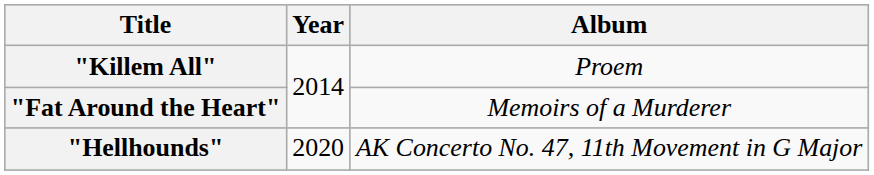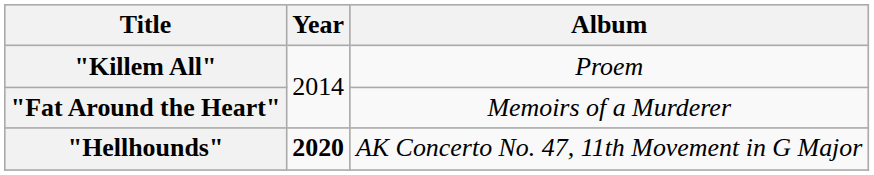 <table class="wikitable plainrowheaders" style="text-align:center;">
 <tr>
 <th scope="col">Title</th>
 <th scope="col">Year</th>
 <th scope="col">Album</th>
 </tr>
 <tr>
 <th scope="row">"Killem All"</th>
 <td rowspan=2>2014</td>
 <td><em>Proem</em></td>
 </tr>
 <tr>
 <th scope="row">"Fat Around the Heart"</th>
 <td><em>Memoirs of a Murderer</em></td>
 </tr>
 <tr>
 <th scope="row">"Hellhounds"</th>
-<td>2020</td>
+<td><strong>2020</strong></td>
 <td><em>AK Concerto No. 47, 11th Movement in G Major</em></td>
 </tr>
 </table>
